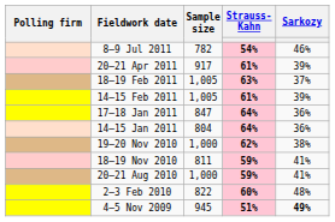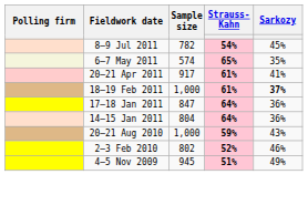 <table class="wikitable sortable" style="text-align:center;font-size:90%;line-height:14px;">
 <tr style="height:40px;">
 <th style="width:100px;" rowspan="2">Polling firm</th>
 <th style="width:110px;" rowspan="2">Fieldwork date</th>
 <th style="width:35px;" rowspan="2">Sample<br>size</th>
 <th class="unsortable" style="width:60px;"><a href='#'>Strauss-Kahn</a><br></th>
 <th class="unsortable" style="width:60px;"><a href='#'>Sarkozy</a><br></th>
 </tr>
 <tr>
 <th style="background:"></th>
 <th style="background:"></th>
 </tr>
 <tr>
 <td style="background:#FFDFCC;"> </td>
 <td data-sort-value="2011-07-09">8–9 Jul 2011</td>
 <td>782</td>
 <td style="background:#FFC6D5;"><strong>54%</strong></td>
-<td>46%</td>
+<td>45%</td>
+</tr>
+<tr>
+<td style="background:beige;"></td>
+<td data-sort-value="2011-05-07">6–7 May 2011</td>
+<td>574</td>
+<td style="background:#FFC6D5;"><strong>65%</strong></td>
+<td>35%</td>
 </tr>
 <tr>
 <td style="background:#FFCCCC;"></td>
 <td data-sort-value="2011-04-21">20–21 Apr 2011</td>
 <td>917</td>
 <td style="background:#FFC6D5;"><strong>61%</strong></td>
-<td>39%</td>
+<td>41%</td>
 </tr>
 <tr>
 <td style="background:burlywood;"> </td>
 <td data-sort-value="2011-02-19">18–19 Feb 2011</td>
-<td>1,005</td>
-<td style="background:#FFC6D5;"><strong>63%</strong></td>
-<td>37%</td>
-</tr>
-<tr>
-<td style="background:yellow;"></td>
-<td data-sort-value="2011-02-15">14–15 Feb 2011</td>
-<td>1,005</td>
+<td>1,000</td>
 <td style="background:#FFC6D5;"><strong>61%</strong></td>
-<td>39%</td>
+<td><strong>37%</strong></td>
 </tr>
 <tr>
 <td style="background:yellow;"></td>
 <td data-sort-value="2011-01-18">17–18 Jan 2011</td>
 <td>847</td>
 <td style="background:#FFC6D5;"><strong>64%</strong></td>
 <td>36%</td>
 </tr>
 <tr>
 <td style="background:#FFDFCC;"> </td>
 <td data-sort-value="2011-01-15">14–15 Jan 2011</td>
 <td>804</td>
 <td style="background:#FFC6D5;"><strong>64%</strong></td>
 <td>36%</td>
 </tr>
 <tr>
 <td style="background:burlywood;"> </td>
-<td data-sort-value="2010-11-20">19–20 Nov 2010</td>
-<td>1,000</td>
-<td style="background:#FFC6D5;"><strong>62%</strong></td>
-<td>38%</td>
-</tr>
-<tr>
-<td style="background:#FFCCCC;"></td>
-<td data-sort-value="2010-11-19">18–19 Nov 2010</td>
-<td>811</td>
-<td style="background:#FFC6D5;"><strong>59%</strong></td>
-<td>41%</td>
-</tr>
-<tr>
-<td style="background:burlywood;"> </td>
 <td data-sort-value="2010-08-21">20–21 Aug 2010</td>
 <td>1,000</td>
 <td style="background:#FFC6D5;"><strong>59%</strong></td>
-<td>41%</td>
+<td>43%</td>
 </tr>
 <tr>
 <td style="background:yellow;"></td>
 <td data-sort-value="2010-02-03">2–3 Feb 2010</td>
-<td>822</td>
-<td style="background:#FFC6D5;"><strong>60%</strong></td>
-<td>48%</td>
+<td>802</td>
+<td style="background:#FFC6D5;"><strong>52%</strong></td>
+<td>46%</td>
 </tr>
 <tr>
 <td style="background:yellow;"></td>
 <td data-sort-value="2009-11-05">4–5 Nov 2009</td>
 <td>945</td>
 <td style="background:#FFC6D5;"><strong>51%</strong></td>
-<td><strong>49%</strong></td>
+<td>49%</td>
 </tr>
 </table>
